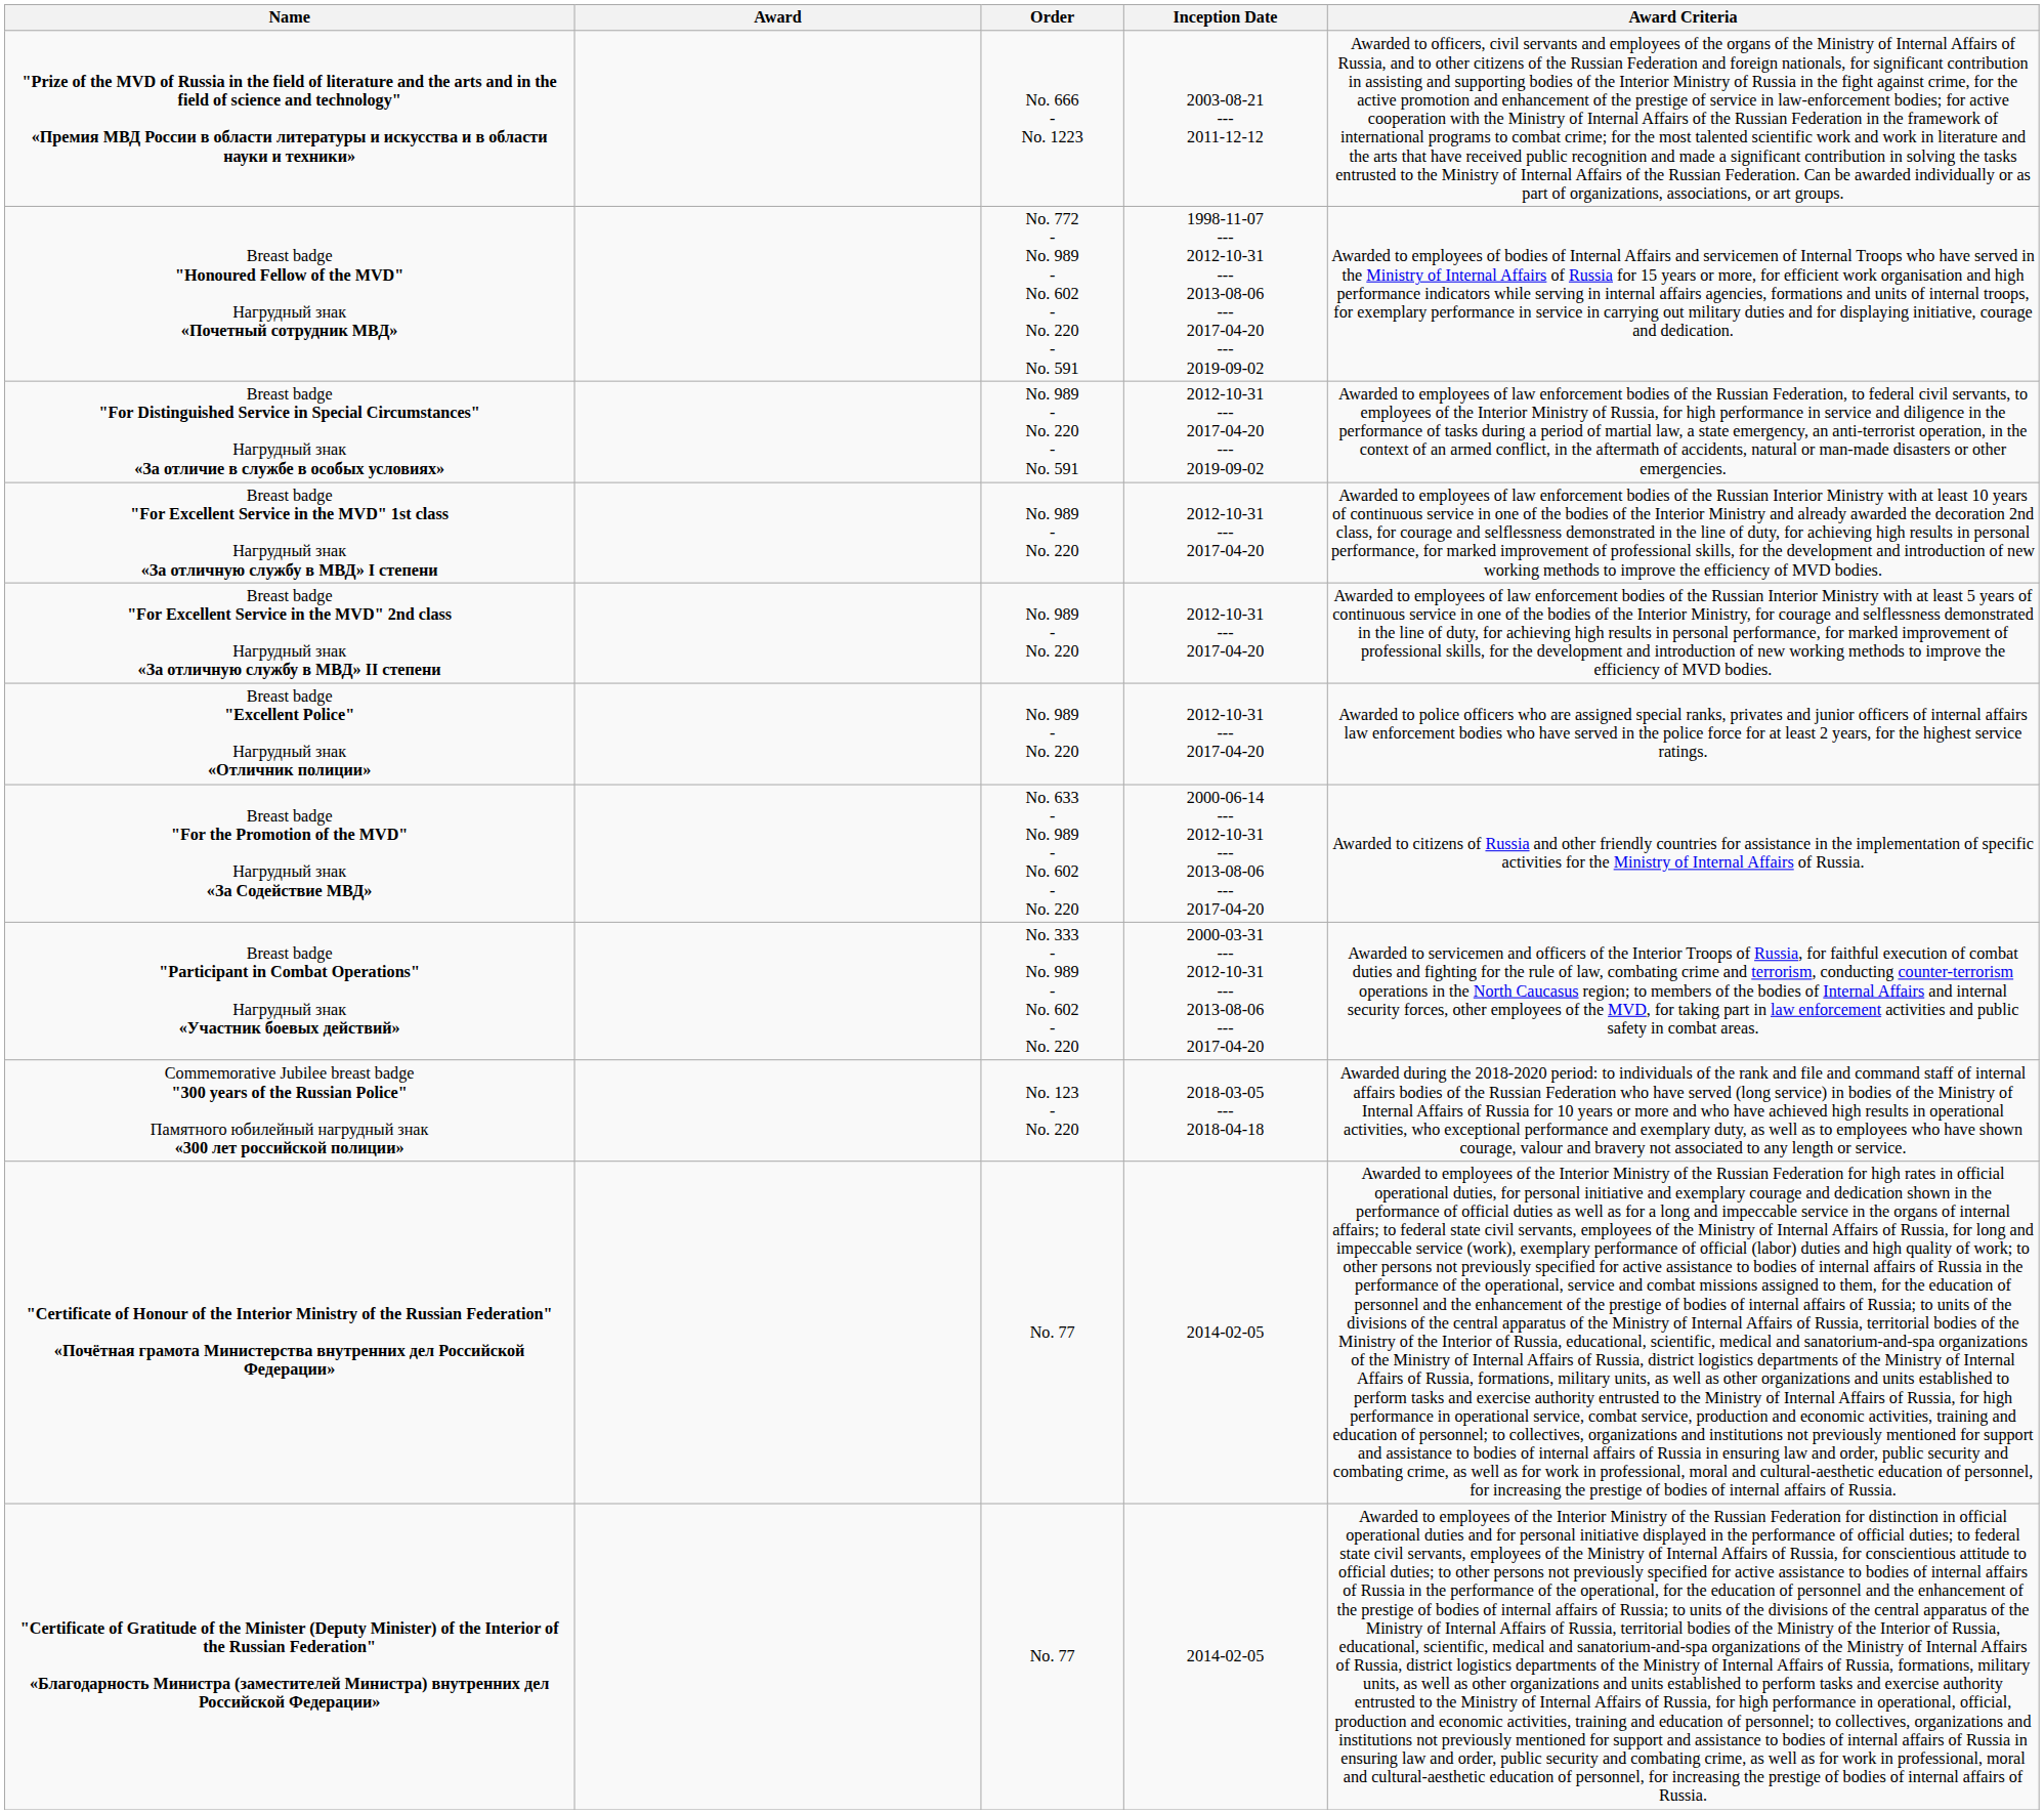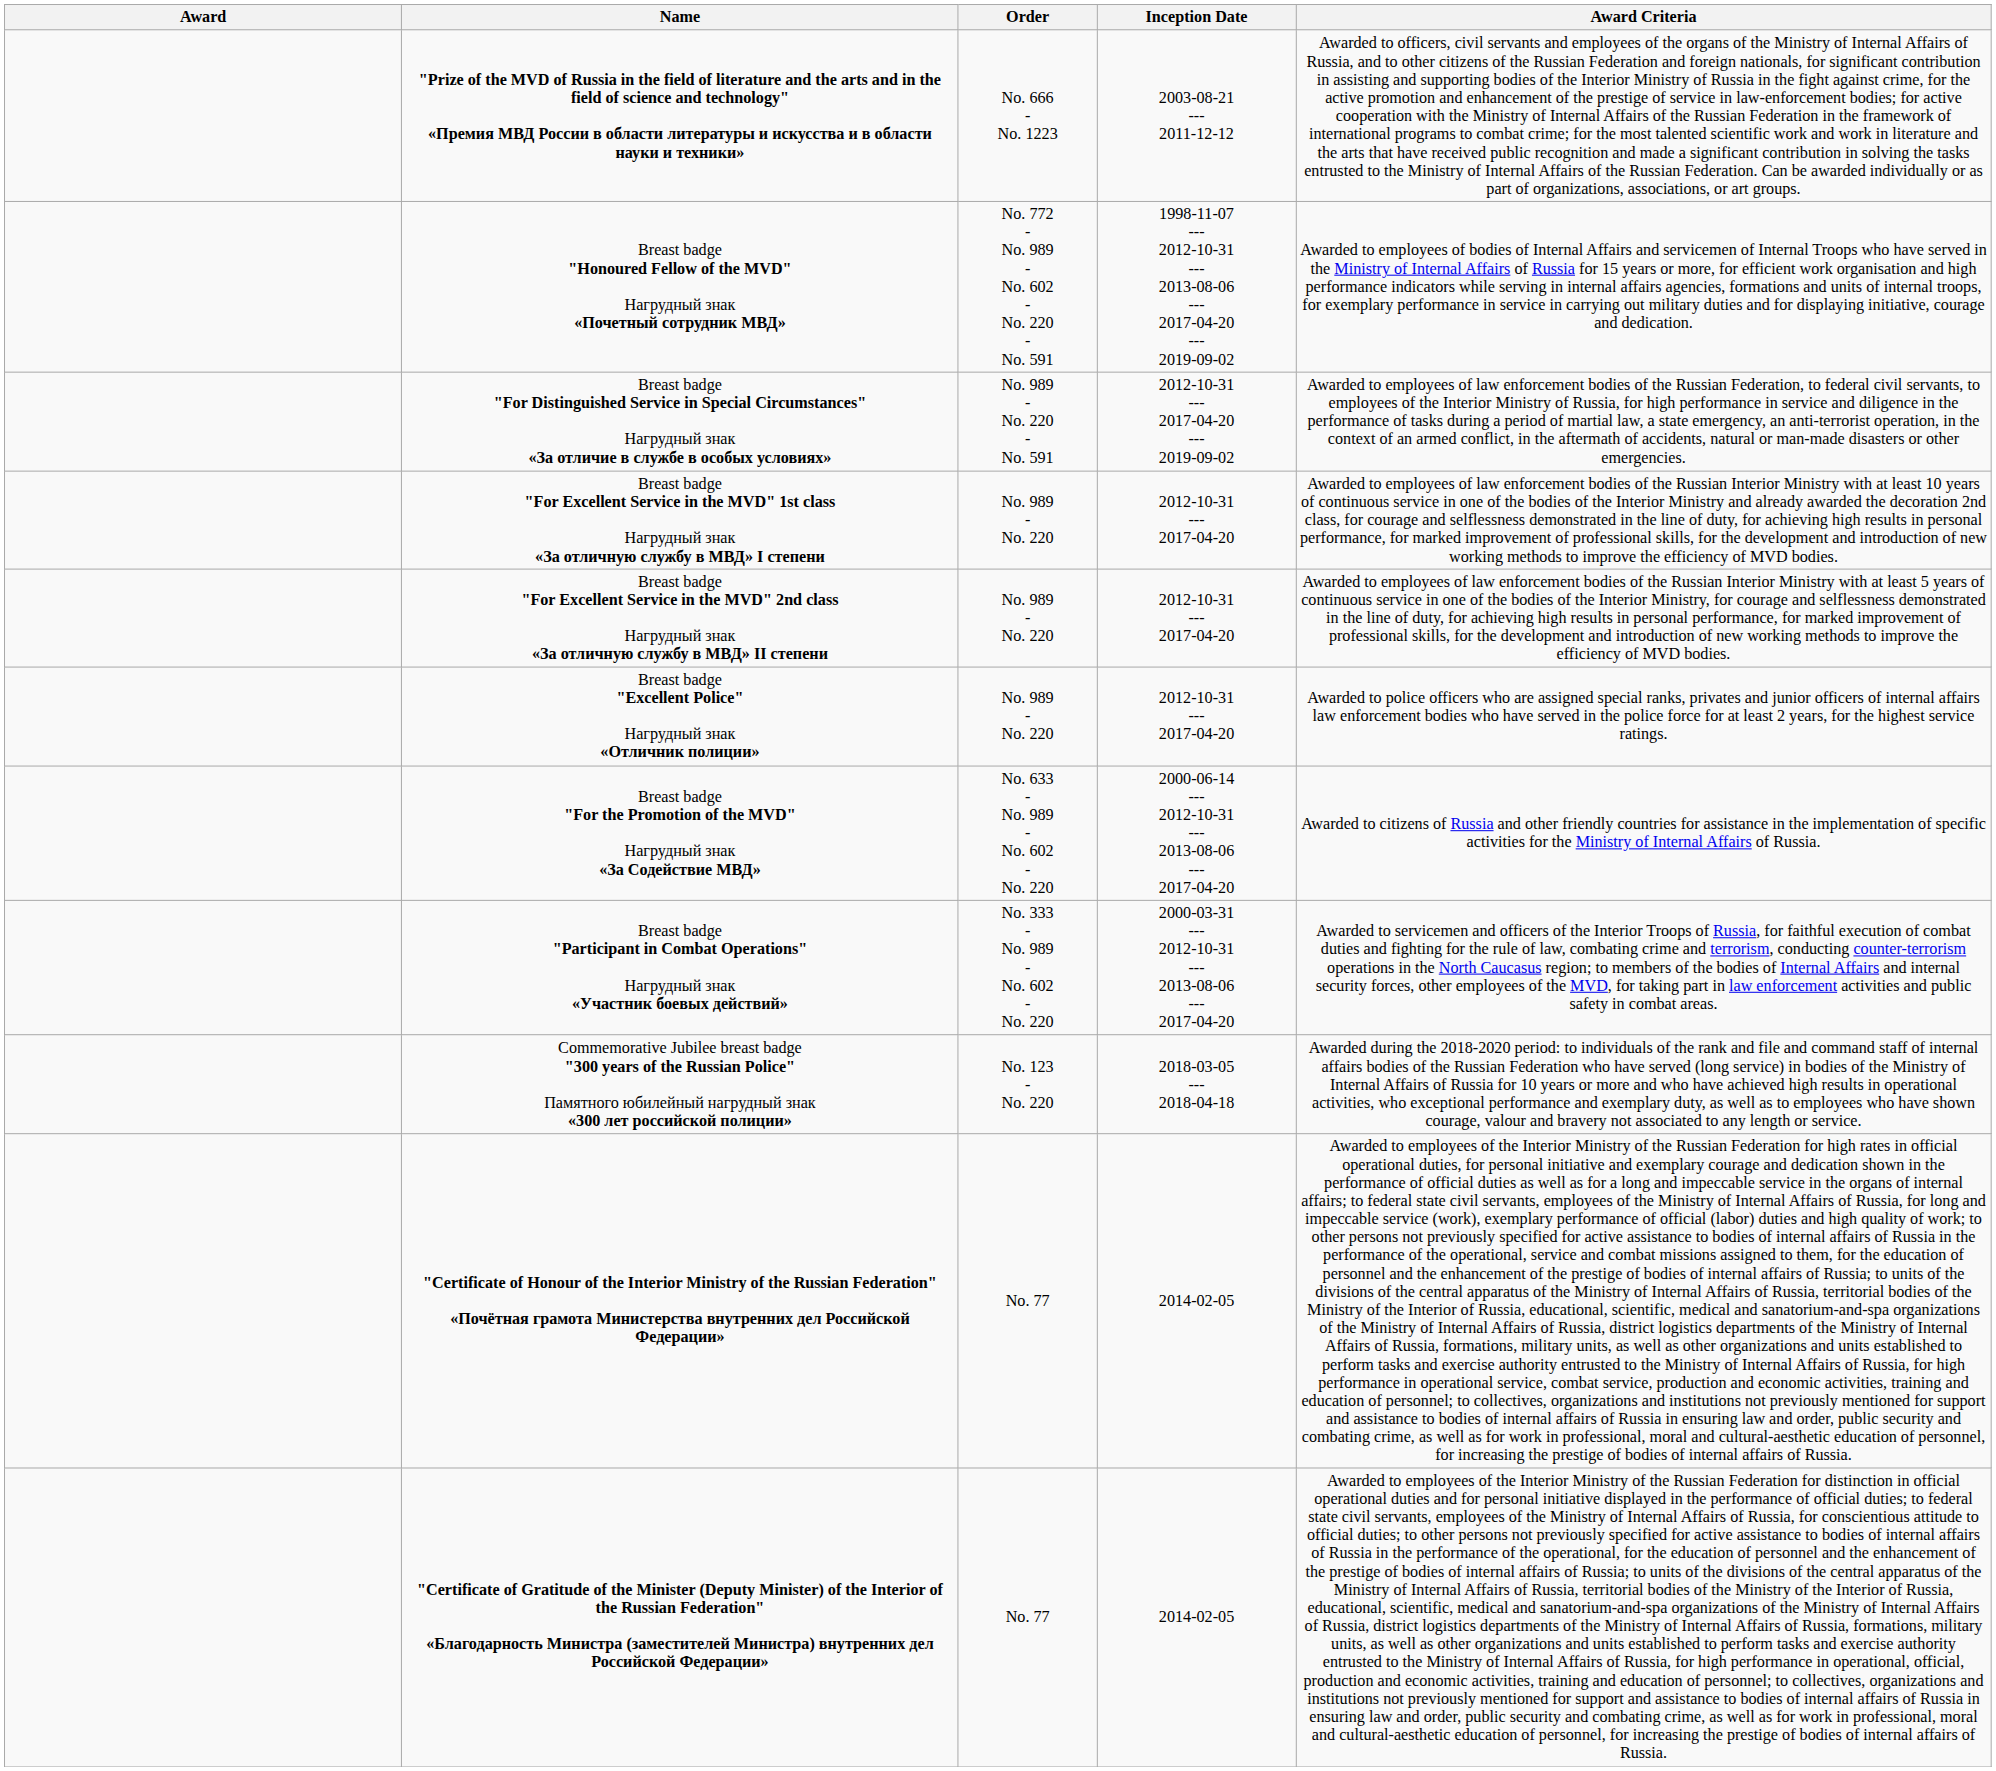 <table class="wikitable sortable" style="text-align:center">
 <tr>
+<th style="width:20%">Award</th>
 <th style="width:28%">Name </th>
-<th style="width:20%">Award</th>
 <th>Order</th>
 <th style="width:10%">Inception Date</th>
 <th style="width:35%">Award Criteria</th>
 </tr>
 <tr>
+<td></td>
 <td><strong>"Prize of the MVD of Russia in the field of literature and the arts and in the field of science and technology"</strong><br><br><strong>«Премия МВД России в области литературы и искусства и в области науки и техники»</strong></td>
-<td></td>
 <td>No. 666<br>-<br>No. 1223</td>
 <td>2003-08-21<br>---<br>2011-12-12</td>
 <td>Awarded to officers, civil servants and employees of the organs of the Ministry of Internal Affairs of Russia, and to other citizens of the Russian Federation and foreign nationals, for significant contribution in assisting and supporting bodies of the Interior Ministry of Russia in the fight against crime, for the active promotion and enhancement of the prestige of service in law-enforcement bodies; for active cooperation with the Ministry of Internal Affairs of the Russian Federation in the framework of international programs to combat crime; for the most talented scientific work and work in literature and the arts that have received public recognition and made a significant contribution in solving the tasks entrusted to the Ministry of Internal Affairs of the Russian Federation.  Can be awarded individually or as part of organizations, associations, or art groups.</td>
 </tr>
 <tr>
+<td></td>
 <td>Breast badge<br><strong>"Honoured Fellow of the MVD"</strong><br><br>Нагрудный знак<br><strong>«Почетный сотрудник МВД»</strong></td>
-<td></td>
 <td>No. 772<br>-<br>No. 989<br>-<br>No. 602<br>-<br>No. 220<br>-<br>No. 591</td>
 <td>1998-11-07<br>---<br>2012-10-31<br>---<br>2013-08-06<br>---<br>2017-04-20<br>---<br>2019-09-02</td>
 <td>Awarded to employees of bodies of Internal Affairs and servicemen of Internal Troops who have served in the <a href='#'>Ministry of Internal Affairs</a> of <a href='#'>Russia</a> for 15 years or more, for efficient work organisation and high performance indicators while serving in internal affairs agencies, formations and units of internal troops, for exemplary performance in service in carrying out military duties and for displaying initiative, courage and dedication.</td>
 </tr>
 <tr>
+<td></td>
 <td>Breast badge<br><strong>"For Distinguished Service in Special Circumstances"</strong><br><br>Нагрудный знак<br><strong>«За отличие в службе в особых условиях»</strong></td>
-<td></td>
 <td>No. 989<br>-<br>No. 220<br>-<br>No. 591</td>
 <td>2012-10-31<br>---<br>2017-04-20<br>---<br>2019-09-02</td>
 <td>Awarded to employees of law enforcement bodies of the Russian Federation, to federal civil servants, to employees of the Interior Ministry of Russia, for high performance in service and diligence in the performance of tasks during a period of martial law, a state emergency, an anti-terrorist operation, in the context of an armed conflict, in the aftermath of accidents, natural or man-made disasters or other emergencies.</td>
 </tr>
 <tr>
+<td></td>
 <td>Breast badge<br><strong>"For Excellent Service in the MVD" 1st class</strong><br><br>Нагрудный знак<br><strong>«За отличную службу в МВД» I степени</strong></td>
-<td></td>
 <td>No. 989<br>-<br>No. 220</td>
 <td>2012-10-31<br>---<br>2017-04-20</td>
 <td>Awarded to employees of law enforcement bodies of the Russian Interior Ministry with at least 10 years of continuous service in one of the bodies of the Interior Ministry and already awarded the decoration 2nd class, for courage and selflessness demonstrated in the line of duty, for achieving high results in personal performance, for marked improvement of professional skills, for the development and introduction of new working methods to improve the efficiency of MVD bodies.</td>
 </tr>
 <tr>
+<td></td>
 <td>Breast badge<br><strong>"For Excellent Service in the MVD" 2nd class</strong><br><br>Нагрудный знак<br><strong>«За отличную службу в МВД» II степени</strong></td>
-<td></td>
 <td>No. 989<br>-<br>No. 220</td>
 <td>2012-10-31<br>---<br>2017-04-20</td>
 <td>Awarded to employees of law enforcement bodies of the Russian Interior Ministry with at least 5 years of continuous service in one of the bodies of the Interior Ministry, for courage and selflessness demonstrated in the line of duty, for achieving high results in personal performance, for marked improvement of professional skills, for the development and introduction of new working methods to improve the efficiency of MVD bodies.</td>
 </tr>
 <tr>
+<td></td>
 <td>Breast badge<br><strong>"Excellent Police"</strong><br><br>Нагрудный знак<br><strong>«Отличник полиции»</strong></td>
-<td></td>
 <td>No. 989<br>-<br>No. 220</td>
 <td>2012-10-31<br>---<br>2017-04-20</td>
 <td>Awarded to police officers who are assigned special ranks, privates and junior officers of internal affairs law enforcement bodies who have served in the police force for at least 2 years, for the highest service ratings.</td>
 </tr>
 <tr>
+<td></td>
 <td>Breast badge<br><strong>"For the Promotion of the MVD"</strong><br><br>Нагрудный знак<br><strong>«За Содействие МВД»</strong></td>
-<td></td>
 <td>No. 633<br>-<br>No. 989<br>-<br>No. 602<br>-<br>No. 220</td>
 <td>2000-06-14<br>---<br>2012-10-31<br>---<br>2013-08-06<br>---<br>2017-04-20</td>
 <td>Awarded to citizens of <a href='#'>Russia</a> and other friendly countries for assistance in the implementation of specific activities for the <a href='#'>Ministry of Internal Affairs</a> of Russia.</td>
 </tr>
 <tr>
+<td></td>
 <td>Breast badge<br><strong>"Participant in Combat Operations"</strong><br><br>Нагрудный знак<br><strong>«Участник боевых действий»</strong></td>
-<td></td>
 <td>No. 333<br>-<br>No. 989<br>-<br>No. 602<br>-<br>No. 220</td>
 <td>2000-03-31<br>---<br>2012-10-31<br>---<br>2013-08-06<br>---<br>2017-04-20</td>
 <td>Awarded to servicemen and officers of the Interior Troops of <a href='#'>Russia</a>, for faithful execution of combat duties and fighting for the rule of law, combating crime and <a href='#'>terrorism</a>, conducting <a href='#'>counter-terrorism</a> operations in the <a href='#'>North Caucasus</a> region; to members of the bodies of <a href='#'>Internal Affairs</a> and internal security forces, other employees of the <a href='#'>MVD</a>, for taking part in <a href='#'>law enforcement</a> activities and public safety in combat areas.</td>
 </tr>
 <tr>
+<td></td>
 <td>Commemorative Jubilee breast badge<br><strong>"300 years of the Russian Police"</strong><br><br>Памятного юбилейный нагрудный знак<br><strong>«300 лет российской полиции»</strong></td>
-<td></td>
 <td>No. 123<br>-<br>No. 220</td>
 <td>2018-03-05<br>---<br>2018-04-18</td>
 <td>Awarded during the 2018-2020 period: to individuals of the rank and file and command staff of internal affairs bodies of the Russian Federation who have served (long service) in bodies of the Ministry of Internal Affairs of Russia for 10 years or more and who have achieved high results in operational activities, who exceptional performance and exemplary duty, as well as to employees who have shown courage, valour and bravery not associated to any length or service.</td>
 </tr>
 <tr>
+<td></td>
 <td><br><strong>"Certificate of Honour of the Interior Ministry of the Russian Federation"</strong><br><br><strong>«Почётная грамота Министерства внутренних дел Российской Федерации»</strong></td>
-<td></td>
 <td>No. 77</td>
 <td>2014-02-05</td>
 <td>Awarded to employees of the Interior Ministry of the Russian Federation for high rates in official operational duties, for personal initiative and exemplary courage and dedication shown in the performance of official duties as well as for a long and impeccable service in the organs of internal affairs; to federal state civil servants, employees of the Ministry of Internal Affairs of Russia, for long and impeccable service (work), exemplary performance of official (labor) duties and high quality of work; to other persons not previously specified for active assistance to bodies of internal affairs of Russia in the performance of the operational, service and combat missions assigned to them, for the education of personnel and the enhancement of the prestige of bodies of internal affairs of Russia; to units of the divisions of the central apparatus of the Ministry of Internal Affairs of Russia, territorial bodies of the Ministry of the Interior of Russia, educational, scientific, medical and sanatorium-and-spa organizations of the Ministry of Internal Affairs of Russia, district logistics departments of the Ministry of Internal Affairs of Russia, formations, military units, as well as other organizations and units established to perform tasks and exercise authority entrusted to the Ministry of Internal Affairs of Russia, for high performance in operational service, combat service, production and economic activities, training and education of personnel; to collectives, organizations and institutions not previously mentioned for support and assistance to bodies of internal affairs of Russia in ensuring law and order, public security and combating crime, as well as for work in professional, moral and cultural-aesthetic education of personnel, for increasing the prestige of bodies of internal affairs of Russia.</td>
 </tr>
 <tr>
+<td></td>
 <td><br><strong>"Certificate of Gratitude of the Minister (Deputy Minister) of the Interior of the Russian Federation"</strong><br><br><strong>«Благодарность Министра (заместителей Министра) внутренних дел Российской Федерации»</strong></td>
-<td></td>
 <td>No. 77</td>
 <td>2014-02-05</td>
 <td>Awarded to employees of the Interior Ministry of the Russian Federation for distinction in official operational duties and for personal initiative displayed in the performance of official duties; to federal state civil servants, employees of the Ministry of Internal Affairs of Russia, for conscientious attitude to official duties; to other persons not previously specified for active assistance to bodies of internal affairs of Russia in the performance of the operational, for the education of personnel and the enhancement of the prestige of bodies of internal affairs of Russia; to units of the divisions of the central apparatus of the Ministry of Internal Affairs of Russia, territorial bodies of the Ministry of the Interior of Russia, educational, scientific, medical and sanatorium-and-spa organizations of the Ministry of Internal Affairs of Russia, district logistics departments of the Ministry of Internal Affairs of Russia, formations, military units, as well as other organizations and units established to perform tasks and exercise authority entrusted to the Ministry of Internal Affairs of Russia, for high performance in operational, official, production and economic activities, training and education of personnel; to collectives, organizations and institutions not previously mentioned for support and assistance to bodies of internal affairs of Russia in ensuring law and order, public security and combating crime, as well as for work in professional, moral and cultural-aesthetic education of personnel, for increasing the prestige of bodies of internal affairs of Russia.</td>
 </tr>
 </table>
